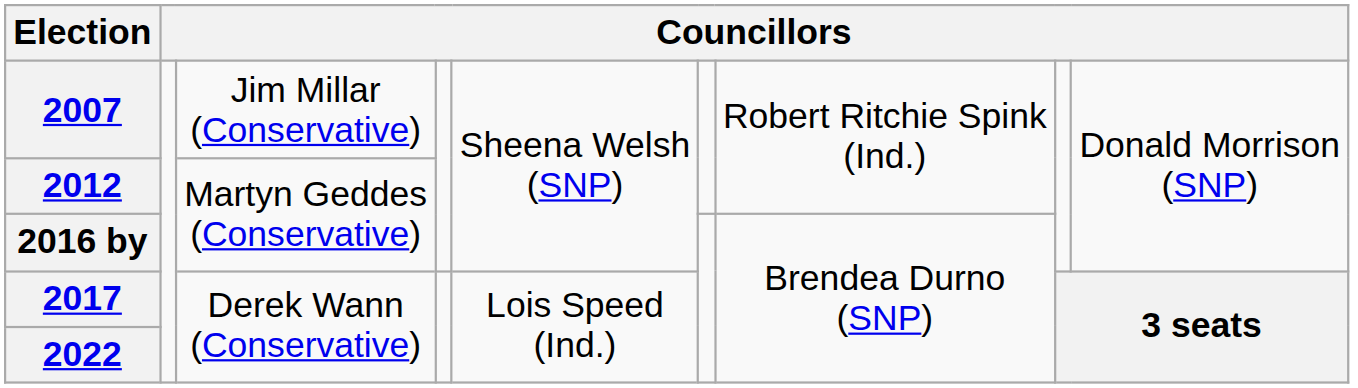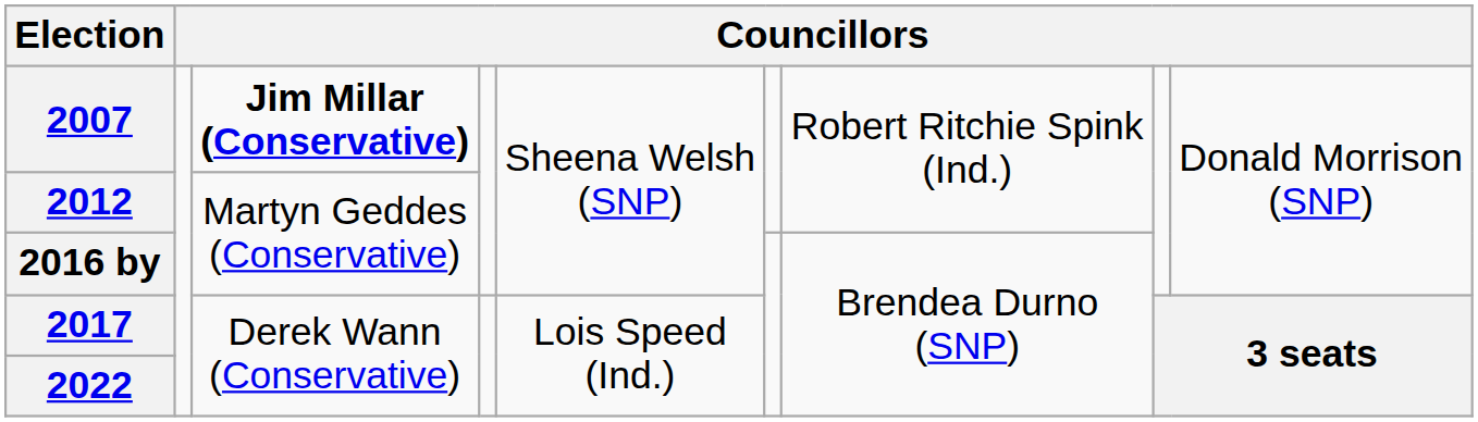 <table class="wikitable" style="text-align:center">
 <tr>
 <th>Election</th>
 <th colspan=8>Councillors</th>
 </tr>
 <tr>
 <th><a href='#'>2007</a></th>
 <td rowspan=5; style="background-color: "></td>
-<td>Jim Millar<br>(<a href='#'>Conservative</a>)</td>
+<td><strong>Jim Millar<br>(<a href='#'>Conservative</a>)</strong></td>
 <td rowspan=3; style="background-color: "></td>
 <td rowspan=3>Sheena Welsh<br>(<a href='#'>SNP</a>)</td>
 <td rowspan=2; style="background-color: "></td>
 <td rowspan=2>Robert Ritchie Spink<br>(Ind.)</td>
 <td rowspan=3; style="background-color: "></td>
 <td rowspan=3>Donald Morrison<br>(<a href='#'>SNP</a>)</td>
 </tr>
 <tr>
 <th><a href='#'>2012</a></th>
 <td rowspan=2>Martyn Geddes<br>(<a href='#'>Conservative</a>)</td>
 </tr>
 <tr>
 <th>2016 by</th>
 <td rowspan=3; style="background-color: "></td>
 <td rowspan=3>Brendea Durno<br>(<a href='#'>SNP</a>)</td>
 </tr>
 <tr>
 <th><a href='#'>2017</a></th>
 <td rowspan=2>Derek Wann<br>(<a href='#'>Conservative</a>)</td>
 <td rowspan=2; style="background-color: "></td>
 <td rowspan=2>Lois Speed<br>(Ind.)</td>
 <th colspan=2; rowspan=2>3 seats</th>
 </tr>
 <tr>
 <th><a href='#'>2022</a></th>
 </tr>
 </table>
